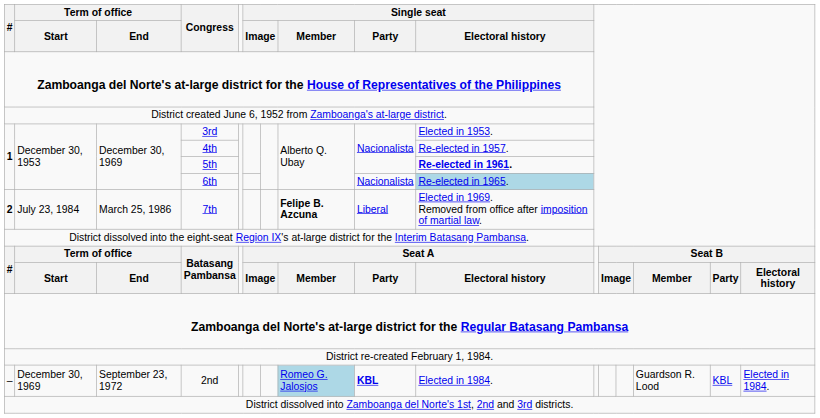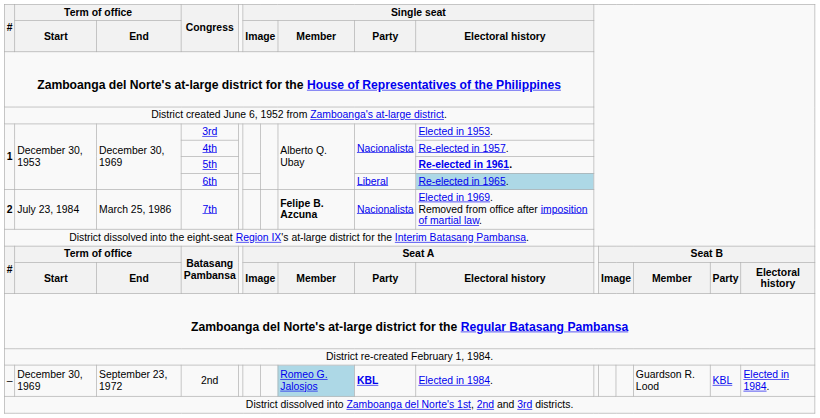 <table class=wikitable>
 <tr>
 <th rowspan=2>#</th>
 <th colspan=2>Term of office</th>
 <th rowspan=2>Congress</th>
 <td rowspan=2></td>
 <th colspan=5>Single seat</th>
 </tr>
 <tr style="height:3em">
 <th>Start</th>
 <th>End</th>
 <th colspan="2" style="text-align:center;">Image</th>
 <th>Member</th>
 <th>Party</th>
 <th>Electoral history</th>
 </tr>
 <tr>
 <td colspan="10" style="text-align:center;"><br><h3>Zamboanga del Norte's at-large district for the <a href='#'>House of Representatives of the Philippines</a></h3></td>
 </tr>
 <tr>
 <td colspan="10" style="text-align:center;">District created June 6, 1952 from <a href='#'>Zamboanga's at-large district</a>.</td>
 </tr>
 <tr>
 <td rowspan="4" style="text-align:center;"><strong>1</strong></td>
 <td rowspan="4">December 30, 1953</td>
 <td rowspan="4">December 30, 1969</td>
 <td style="text-align:center;"><a href='#'>3rd</a></td>
 <td rowspan=5></td>
 <td rowspan="3" style="color:inherit;background:"></td>
 <td rowspan="4"></td>
 <td rowspan="4">Alberto Q. Ubay</td>
 <td rowspan="3"><a href='#'>Nacionalista</a></td>
 <td><a href='#'>Elected in 1953</a>.</td>
 </tr>
 <tr>
 <td style="text-align:center;"><a href='#'>4th</a></td>
 <td><a href='#'>Re-elected in 1957</a>.</td>
 </tr>
 <tr>
 <td style="text-align:center;"><a href='#'>5th</a></td>
 <td><strong><a href='#'>Re-elected in 1961</a>.</strong></td>
 </tr>
 <tr>
 <td style="text-align:center;"><a href='#'>6th</a></td>
 <td style="color:inherit;background:"></td>
-<td><a href='#'>Nacionalista</a></td>
+<td><a href='#'>Liberal</a></td>
 <td style="background: lightblue;"><a href='#'>Re-elected in 1965</a>.</td>
 </tr>
 <tr>
 <td style="text-align:center;"><strong>2</strong></td>
 <td>July 23, 1984</td>
 <td>March 25, 1986</td>
 <td style="text-align:center;"><a href='#'>7th</a></td>
 <td style="color:inherit;background:"></td>
 <td></td>
 <td><strong>Felipe B. Azcuna</strong></td>
-<td><a href='#'>Liberal</a></td>
+<td><a href='#'>Nacionalista</a></td>
 <td><a href='#'>Elected in 1969</a>.<br>Removed from office after <a href='#'>imposition of martial law</a>.</td>
 </tr>
 <tr>
 <td colspan="10" style="text-align:center;">District dissolved into the eight-seat <a href='#'>Region IX</a>'s at-large district for the <a href='#'>Interim Batasang Pambansa</a>.</td>
 </tr>
 <tr>
 <th rowspan=2>#</th>
 <th colspan=2>Term of office</th>
 <th rowspan=2>Batasang<br>Pambansa</th>
 <td rowspan=2></td>
 <th colspan=5>Seat A</th>
 <td rowspan=2></td>
 <th colspan=5>Seat B</th>
 </tr>
 <tr style="height:3em">
 <th>Start</th>
 <th>End</th>
 <th colspan="2" style="text-align:center;">Image</th>
 <th>Member</th>
 <th>Party</th>
 <th>Electoral history</th>
 <th colspan="2" style="text-align:center;">Image</th>
 <th>Member</th>
 <th>Party</th>
 <th>Electoral history</th>
 </tr>
 <tr>
 <td colspan="16" style="text-align:center;"><br><h3>Zamboanga del Norte's at-large district for the <a href='#'>Regular Batasang Pambansa</a></h3></td>
 </tr>
 <tr>
 <td colspan="16" style="text-align:center;">District re-created February 1, 1984.</td>
 </tr>
 <tr style="height:3em">
 <td style="text-align:center;">–</td>
 <td>December 30, 1969</td>
 <td>September 23, 1972</td>
 <td style="text-align:center;">2nd</td>
 <td></td>
 <td style="color:inherit;background:"></td>
 <td></td>
 <td style="background: lightblue;"><a href='#'>Romeo G. Jalosjos</a></td>
 <td><strong><a href='#'>KBL</a></strong></td>
 <td><a href='#'>Elected in 1984</a>.</td>
 <td></td>
 <td style="color:inherit;background:"></td>
 <td></td>
 <td>Guardson R. Lood</td>
 <td><a href='#'>KBL</a></td>
 <td><a href='#'>Elected in 1984</a>.</td>
 </tr>
 <tr>
 <td colspan="16" style="text-align:center;">District dissolved into <a href='#'>Zamboanga del Norte's 1st</a>, <a href='#'>2nd</a> and <a href='#'>3rd</a> districts.</td>
 </tr>
 </table>
